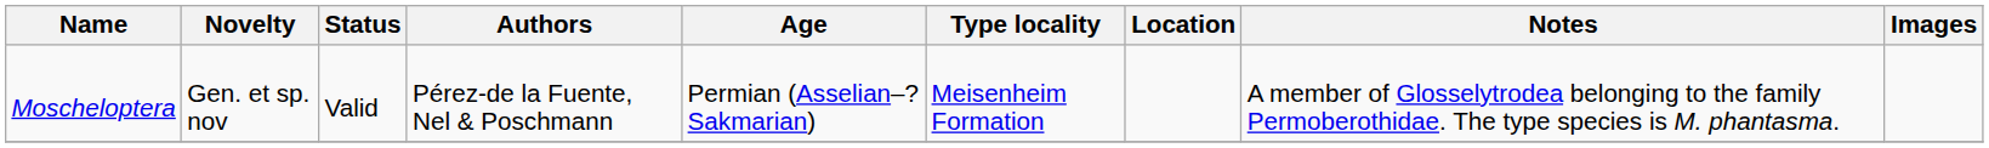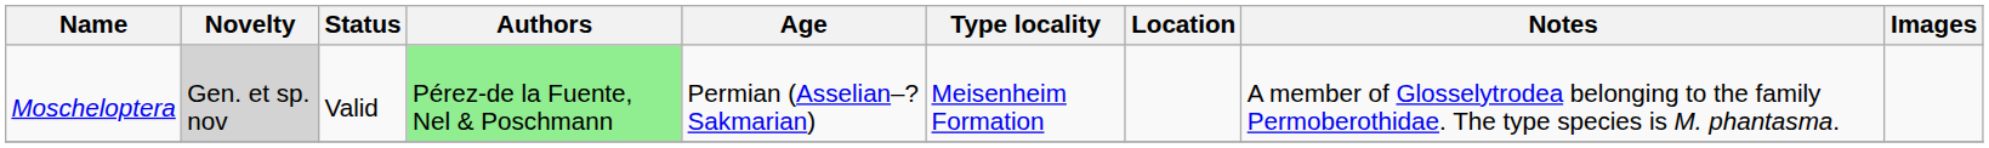 <table class="wikitable sortable" align="center" width="100%">
 <tr>
 <th>Name</th>
 <th>Novelty</th>
 <th>Status</th>
 <th>Authors</th>
 <th>Age</th>
 <th>Type locality</th>
 <th>Location</th>
 <th>Notes</th>
 <th>Images</th>
 </tr>
 <tr>
 <td><br><em><a href='#'>Moscheloptera</a></em></td>
-<td><br>Gen. et sp. nov</td>
+<td style="background: lightgrey;"><br>Gen. et sp. nov</td>
 <td><br>Valid</td>
-<td><br>Pérez-de la Fuente, Nel & Poschmann</td>
+<td style="background: lightgreen;"><br>Pérez-de la Fuente, Nel & Poschmann</td>
 <td><br>Permian (<a href='#'>Asselian</a>–?<a href='#'>Sakmarian</a>)</td>
 <td><br><a href='#'>Meisenheim Formation</a></td>
 <td><br></td>
 <td><br>A member of <a href='#'>Glosselytrodea</a> belonging to the family <a href='#'>Permoberothidae</a>. The type species is <em>M. phantasma</em>.</td>
 <td></td>
 </tr>
 <tr>
 </tr>
 </table>
